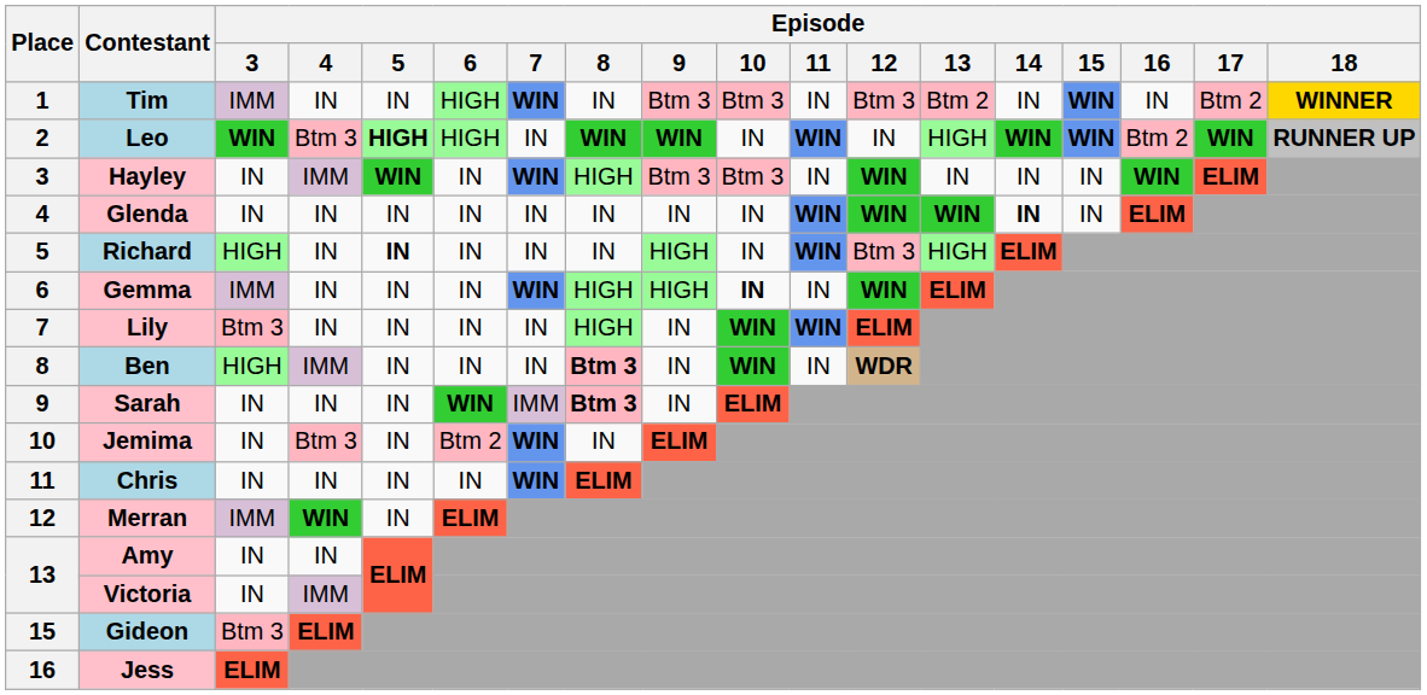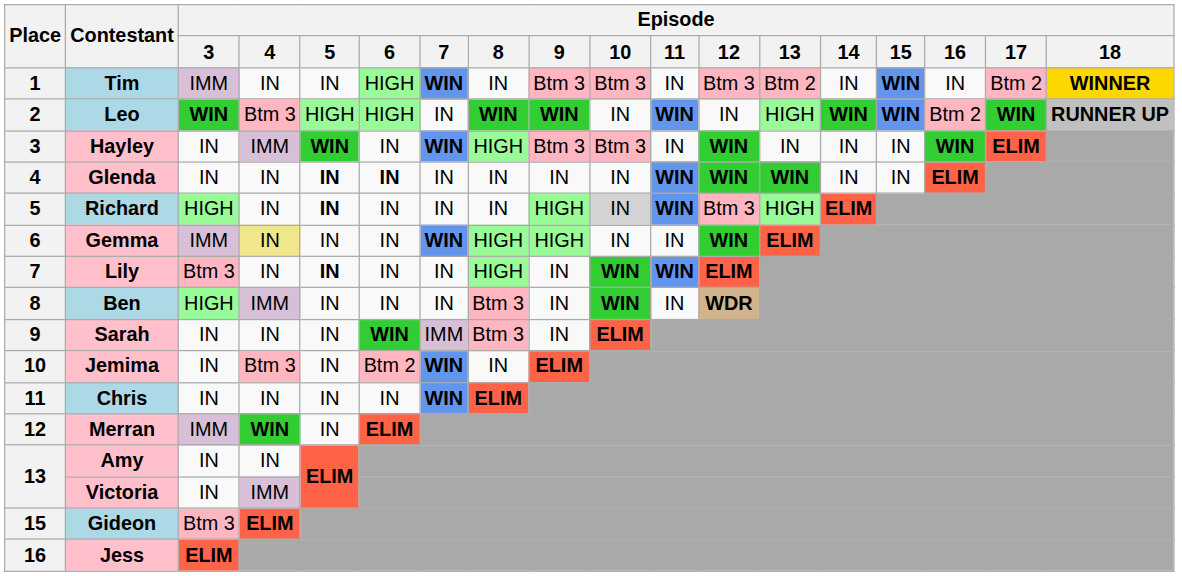 <table class="wikitable" style="text-align:center" align="center">
 <tr>
 <th rowspan=2>Place</th>
 <th rowspan=2>Contestant</th>
 <th colspan=19>Episode</th>
 </tr>
 <tr>
 <th>3</th>
 <th>4</th>
 <th>5</th>
 <th>6</th>
 <th>7 </th>
 <th>8</th>
 <th>9</th>
 <th>10</th>
 <th>11 </th>
 <th>12</th>
 <th>13</th>
 <th>14</th>
 <th>15 </th>
 <th>16</th>
 <th>17</th>
 <th>18</th>
 </tr>
 <tr>
 <th>1</th>
 <th style="background:lightblue;">Tim</th>
 <td bgcolor="thistle">IMM</td>
 <td>IN</td>
 <td>IN</td>
 <td bgcolor="palegreen">HIGH</td>
 <td bgcolor="cornflowerblue"><strong>WIN</strong></td>
 <td>IN</td>
 <td bgcolor="lightpink">Btm 3</td>
 <td bgcolor="lightpink">Btm 3</td>
 <td>IN</td>
 <td bgcolor="lightpink">Btm 3</td>
 <td bgcolor="lightpink">Btm 2</td>
 <td>IN</td>
 <td bgcolor="cornflowerblue"><strong>WIN</strong></td>
 <td>IN</td>
 <td bgcolor="lightpink">Btm 2</td>
 <td bgcolor="gold"><strong>WINNER</strong></td>
 </tr>
 <tr>
 <th>2</th>
 <th style="background:lightblue;">Leo</th>
 <td bgcolor="limegreen"><strong>WIN</strong></td>
 <td bgcolor="lightpink">Btm 3</td>
-<td bgcolor="palegreen"><strong>HIGH</strong></td>
+<td bgcolor="palegreen">HIGH</td>
 <td bgcolor="palegreen">HIGH</td>
 <td>IN</td>
 <td bgcolor="limegreen"><strong>WIN</strong></td>
 <td bgcolor="limegreen"><strong>WIN</strong></td>
 <td>IN</td>
 <td bgcolor="cornflowerblue"><strong>WIN</strong></td>
 <td>IN</td>
 <td bgcolor="palegreen">HIGH</td>
 <td bgcolor="limegreen"><strong>WIN</strong></td>
 <td bgcolor="cornflowerblue"><strong>WIN</strong></td>
 <td bgcolor="lightpink">Btm 2</td>
 <td bgcolor="limegreen"><strong>WIN</strong></td>
 <td bgcolor="silver"><strong>RUNNER UP</strong></td>
 </tr>
 <tr>
 <th>3</th>
 <th style="background:pink;">Hayley</th>
 <td>IN</td>
 <td bgcolor="thistle">IMM</td>
 <td bgcolor="limegreen"><strong>WIN</strong></td>
 <td>IN</td>
 <td bgcolor="cornflowerblue"><strong>WIN</strong></td>
 <td bgcolor="palegreen">HIGH</td>
 <td bgcolor="lightpink">Btm 3</td>
 <td bgcolor="lightpink">Btm 3</td>
 <td>IN</td>
 <td bgcolor="limegreen"><strong>WIN</strong></td>
 <td>IN</td>
 <td>IN</td>
 <td>IN</td>
 <td bgcolor="limegreen"><strong>WIN</strong></td>
 <td bgcolor="tomato"><strong>ELIM</strong></td>
 <td style="background:darkgray" colspan="12"></td>
 </tr>
 <tr>
 <th>4</th>
 <th style="background:pink;">Glenda</th>
 <td>IN</td>
 <td>IN</td>
-<td>IN</td>
-<td>IN</td>
+<td><strong>IN</strong></td>
+<td><strong>IN</strong></td>
 <td>IN</td>
 <td>IN</td>
 <td>IN</td>
 <td>IN</td>
 <td bgcolor="cornflowerblue"><strong>WIN</strong></td>
 <td bgcolor="limegreen"><strong>WIN</strong></td>
 <td bgcolor="limegreen"><strong>WIN</strong></td>
-<td><strong>IN</strong></td>
+<td>IN</td>
 <td>IN</td>
 <td bgcolor="tomato"><strong>ELIM</strong></td>
 <td style="background:darkgray" colspan="12"></td>
 </tr>
 <tr>
 <th>5</th>
 <th style="background:lightblue;">Richard</th>
 <td bgcolor="palegreen">HIGH</td>
 <td>IN</td>
 <td><strong>IN</strong></td>
 <td>IN</td>
 <td>IN</td>
 <td>IN</td>
 <td bgcolor="palegreen">HIGH</td>
-<td>IN</td>
+<td style="background: lightgrey;">IN</td>
 <td bgcolor="cornflowerblue"><strong>WIN</strong></td>
 <td bgcolor="lightpink">Btm 3</td>
 <td bgcolor="palegreen">HIGH</td>
 <td bgcolor="tomato"><strong>ELIM</strong></td>
 <td style="background:darkgray" colspan="12"></td>
 </tr>
 <tr>
 <th>6</th>
 <th style="background:pink;">Gemma</th>
 <td bgcolor="thistle">IMM</td>
-<td>IN</td>
+<td style="background: khaki;">IN</td>
 <td>IN</td>
 <td>IN</td>
 <td bgcolor="cornflowerblue"><strong>WIN</strong></td>
 <td bgcolor="palegreen">HIGH</td>
 <td bgcolor="palegreen">HIGH</td>
-<td><strong>IN</strong></td>
+<td>IN</td>
 <td>IN</td>
 <td bgcolor="limegreen"><strong>WIN</strong></td>
 <td bgcolor="tomato"><strong>ELIM</strong></td>
 <td style="background:darkgray" colspan="12"></td>
 </tr>
 <tr>
 <th>7</th>
 <th style="background:pink;">Lily</th>
 <td bgcolor="lightpink">Btm 3</td>
 <td>IN</td>
-<td>IN</td>
+<td><strong>IN</strong></td>
 <td>IN</td>
 <td>IN</td>
 <td bgcolor="palegreen">HIGH</td>
 <td>IN</td>
 <td bgcolor="limegreen"><strong>WIN</strong></td>
 <td bgcolor="cornflowerblue"><strong>WIN</strong></td>
 <td bgcolor="tomato"><strong>ELIM</strong></td>
 <td style="background:darkgray" colspan="12"></td>
 </tr>
 <tr>
 <th>8</th>
 <th style="background:lightblue;">Ben</th>
 <td bgcolor="palegreen">HIGH</td>
 <td bgcolor="thistle">IMM</td>
 <td>IN</td>
 <td>IN</td>
 <td>IN</td>
-<td bgcolor="lightpink"><strong>Btm 3</strong></td>
+<td bgcolor="lightpink">Btm 3</td>
 <td>IN</td>
 <td bgcolor="limegreen"><strong>WIN</strong></td>
 <td>IN</td>
 <td bgcolor="tan"><strong>WDR</strong></td>
 <td style="background:darkgray" colspan="12"></td>
 </tr>
 <tr>
 <th>9</th>
 <th style="background:pink;">Sarah</th>
 <td>IN</td>
 <td>IN</td>
 <td>IN</td>
 <td bgcolor="limegreen"><strong>WIN</strong></td>
 <td bgcolor="thistle">IMM</td>
-<td bgcolor="lightpink"><strong>Btm 3</strong></td>
+<td bgcolor="lightpink">Btm 3</td>
 <td>IN</td>
 <td bgcolor="tomato"><strong>ELIM</strong></td>
 <td style="background:darkgray" colspan="12"></td>
 </tr>
 <tr>
 <th>10</th>
 <th style="background:pink;">Jemima</th>
 <td>IN</td>
 <td bgcolor="lightpink">Btm 3</td>
 <td>IN</td>
 <td bgcolor="lightpink">Btm 2</td>
 <td bgcolor="cornflowerblue"><strong>WIN</strong></td>
 <td>IN</td>
 <td bgcolor="tomato"><strong>ELIM</strong></td>
 <td style="background:darkgray" colspan="12"></td>
 </tr>
 <tr>
 <th>11</th>
 <th style="background:lightblue;">Chris</th>
 <td>IN</td>
 <td>IN</td>
 <td>IN</td>
 <td>IN</td>
 <td bgcolor="cornflowerblue"><strong>WIN</strong></td>
 <td bgcolor="tomato"><strong>ELIM</strong></td>
 <td style="background:darkgray" colspan="12"></td>
 </tr>
 <tr>
 <th>12</th>
 <th style="background:pink;">Merran</th>
 <td bgcolor="thistle">IMM</td>
 <td bgcolor="limegreen"><strong>WIN</strong></td>
 <td>IN</td>
 <td bgcolor="tomato"><strong>ELIM</strong></td>
 <td style="background:darkgray" colspan="18"></td>
 </tr>
 <tr>
 <th rowspan="2">13</th>
 <th style="background:pink;">Amy</th>
 <td>IN</td>
 <td>IN</td>
 <td rowspan="2" bgcolor="tomato"><strong>ELIM</strong></td>
 <td style="background:darkgray" colspan="18"></td>
 </tr>
 <tr>
 <th style="background:pink;">Victoria</th>
 <td>IN</td>
 <td bgcolor="thistle">IMM</td>
 <td colspan="18" style="background:darkgray"></td>
 </tr>
 <tr>
 <th>15</th>
 <th style="background:lightblue;">Gideon</th>
 <td bgcolor="lightpink">Btm 3</td>
 <td bgcolor="tomato"><strong>ELIM</strong></td>
 <td style="background:darkgray" colspan="18"></td>
 </tr>
 <tr>
 <th>16</th>
 <th style="background:pink;">Jess</th>
 <td bgcolor="tomato"><strong>ELIM</strong></td>
 <td colspan="18" style="background:darkgray"></td>
 </tr>
 </table>
